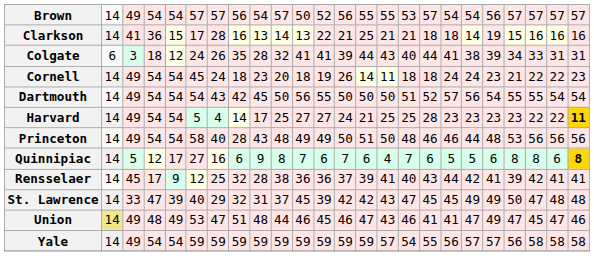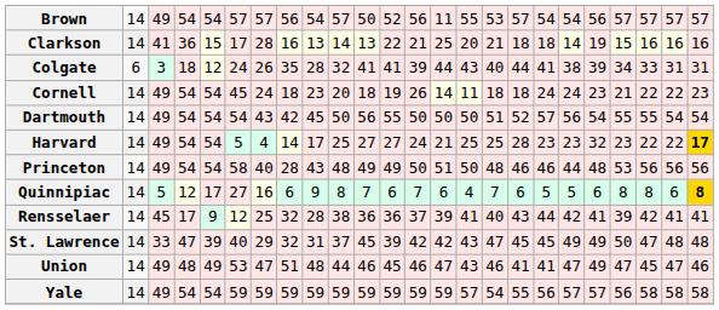 <table class="wikitable sortable" style="text-align: center;">
 <tr>
 </tr>
 <tr>
 <th>Brown</th>
 <td>14</td>
 <td bgcolor=FFE6E6>49</td>
 <td bgcolor=FFE6E6>54</td>
 <td bgcolor=FFE6E6>54</td>
 <td bgcolor=FFE6E6>57</td>
 <td bgcolor=FFE6E6>57</td>
 <td bgcolor=FFE6E6>56</td>
 <td bgcolor=FFE6E6>54</td>
 <td bgcolor=FFE6E6>57</td>
 <td bgcolor=FFE6E6>50</td>
 <td bgcolor=FFE6E6>52</td>
 <td bgcolor=FFE6E6>56</td>
-<td bgcolor=FFE6E6>55</td>
+<td bgcolor=FFE6E6>11</td>
 <td bgcolor=FFE6E6>55</td>
 <td bgcolor=FFE6E6>53</td>
 <td bgcolor=FFE6E6>57</td>
 <td bgcolor=FFE6E6>54</td>
 <td bgcolor=FFE6E6>54</td>
 <td bgcolor=FFE6E6>56</td>
 <td bgcolor=FFE6E6>57</td>
 <td bgcolor=FFE6E6>57</td>
 <td bgcolor=FFE6E6>57</td>
 <td bgcolor=FFE6E6>57</td>
 </tr>
 <tr bgcolor=f0f0f0>
 <th>Clarkson</th>
 <td>14</td>
 <td bgcolor=FFE6E6>41</td>
 <td bgcolor=FFE6E6>36</td>
 <td bgcolor=FFFFE6>15</td>
 <td bgcolor=FFE6E6>17</td>
 <td bgcolor=FFE6E6>28</td>
 <td bgcolor=FFFFE6>16</td>
 <td bgcolor=FFFFE6>13</td>
 <td bgcolor=FFFFE6>14</td>
 <td bgcolor=FFFFE6>13</td>
 <td bgcolor=FFE6E6>22</td>
 <td bgcolor=FFE6E6>21</td>
 <td bgcolor=FFE6E6>25</td>
-<td bgcolor=FFE6E6>21</td>
+<td bgcolor=FFE6E6>20</td>
 <td bgcolor=FFE6E6>21</td>
 <td bgcolor=FFE6E6>18</td>
 <td bgcolor=FFE6E6>18</td>
 <td bgcolor=FFFFE6>14</td>
 <td bgcolor=FFE6E6>19</td>
 <td bgcolor=FFFFE6>15</td>
 <td bgcolor=FFFFE6>16</td>
 <td bgcolor=FFFFE6>16</td>
 <td bgcolor=FFE6E6>16</td>
 </tr>
 <tr>
 <th>Colgate</th>
 <td>6</td>
 <td bgcolor=D8FFEB>3</td>
 <td bgcolor=FFE6E6>18</td>
 <td bgcolor=FFFFE6>12</td>
 <td bgcolor=FFE6E6>24</td>
 <td bgcolor=FFE6E6>26</td>
 <td bgcolor=FFE6E6>35</td>
 <td bgcolor=FFE6E6>28</td>
 <td bgcolor=FFE6E6>32</td>
 <td bgcolor=FFE6E6>41</td>
 <td bgcolor=FFE6E6>41</td>
 <td bgcolor=FFE6E6>39</td>
 <td bgcolor=FFE6E6>44</td>
 <td bgcolor=FFE6E6>43</td>
 <td bgcolor=FFE6E6>40</td>
 <td bgcolor=FFE6E6>44</td>
 <td bgcolor=FFE6E6>41</td>
 <td bgcolor=FFE6E6>38</td>
 <td bgcolor=FFE6E6>39</td>
 <td bgcolor=FFE6E6>34</td>
 <td bgcolor=FFE6E6>33</td>
 <td bgcolor=FFE6E6>31</td>
 <td bgcolor=FFE6E6>31</td>
 </tr>
 <tr bgcolor=f0f0f0>
 <th>Cornell</th>
 <td>14</td>
 <td bgcolor=FFE6E6>49</td>
 <td bgcolor=FFE6E6>54</td>
 <td bgcolor=FFE6E6>54</td>
 <td bgcolor=FFE6E6>45</td>
 <td bgcolor=FFE6E6>24</td>
 <td bgcolor=FFE6E6>18</td>
 <td bgcolor=FFE6E6>23</td>
 <td bgcolor=FFE6E6>20</td>
 <td bgcolor=FFE6E6>18</td>
 <td bgcolor=FFE6E6>19</td>
 <td bgcolor=FFE6E6>26</td>
 <td bgcolor=FFFFE6>14</td>
 <td bgcolor=FFFFE6>11</td>
 <td bgcolor=FFE6E6>18</td>
 <td bgcolor=FFE6E6>18</td>
 <td bgcolor=FFE6E6>24</td>
 <td bgcolor=FFE6E6>24</td>
 <td bgcolor=FFE6E6>23</td>
 <td bgcolor=FFE6E6>21</td>
 <td bgcolor=FFE6E6>22</td>
 <td bgcolor=FFE6E6>22</td>
 <td bgcolor=FFE6E6>23</td>
 </tr>
 <tr>
 <th>Dartmouth</th>
 <td>14</td>
 <td bgcolor=FFE6E6>49</td>
 <td bgcolor=FFE6E6>54</td>
 <td bgcolor=FFE6E6>54</td>
 <td bgcolor=FFE6E6>54</td>
 <td bgcolor=FFE6E6>43</td>
 <td bgcolor=FFE6E6>42</td>
 <td bgcolor=FFE6E6>45</td>
 <td bgcolor=FFE6E6>50</td>
 <td bgcolor=FFE6E6>56</td>
 <td bgcolor=FFE6E6>55</td>
 <td bgcolor=FFE6E6>50</td>
 <td bgcolor=FFE6E6>50</td>
 <td bgcolor=FFE6E6>50</td>
 <td bgcolor=FFE6E6>51</td>
 <td bgcolor=FFE6E6>52</td>
 <td bgcolor=FFE6E6>57</td>
 <td bgcolor=FFE6E6>56</td>
 <td bgcolor=FFE6E6>54</td>
 <td bgcolor=FFE6E6>55</td>
 <td bgcolor=FFE6E6>55</td>
 <td bgcolor=FFE6E6>54</td>
 <td bgcolor=FFE6E6>54</td>
 </tr>
 <tr bgcolor=f0f0f0>
 <th>Harvard</th>
 <td>14</td>
 <td bgcolor=FFE6E6>49</td>
 <td bgcolor=FFE6E6>54</td>
 <td bgcolor=FFE6E6>54</td>
 <td bgcolor=D8FFEB>5</td>
 <td bgcolor=D8FFEB>4</td>
 <td bgcolor=FFFFE6>14</td>
 <td bgcolor=FFE6E6>17</td>
 <td bgcolor=FFE6E6>25</td>
 <td bgcolor=FFE6E6>27</td>
 <td bgcolor=FFE6E6>27</td>
 <td bgcolor=FFE6E6>24</td>
 <td bgcolor=FFE6E6>21</td>
 <td bgcolor=FFE6E6>25</td>
 <td bgcolor=FFE6E6>25</td>
 <td bgcolor=FFE6E6>28</td>
 <td bgcolor=FFE6E6>23</td>
 <td bgcolor=FFE6E6>23</td>
-<td bgcolor=FFE6E6>23</td>
+<td bgcolor=FFE6E6>32</td>
 <td bgcolor=FFE6E6>23</td>
 <td bgcolor=FFE6E6>22</td>
 <td bgcolor=FFE6E6>22</td>
-<td bgcolor=gold><strong>11</strong></td>
+<td bgcolor=gold><strong>17</strong></td>
 </tr>
 <tr>
 <th>Princeton</th>
 <td>14</td>
 <td bgcolor=FFE6E6>49</td>
 <td bgcolor=FFE6E6>54</td>
 <td bgcolor=FFE6E6>54</td>
 <td bgcolor=FFE6E6>58</td>
 <td bgcolor=FFE6E6>40</td>
 <td bgcolor=FFE6E6>28</td>
 <td bgcolor=FFE6E6>43</td>
 <td bgcolor=FFE6E6>48</td>
 <td bgcolor=FFE6E6>49</td>
 <td bgcolor=FFE6E6>49</td>
 <td bgcolor=FFE6E6>50</td>
 <td bgcolor=FFE6E6>51</td>
 <td bgcolor=FFE6E6>50</td>
 <td bgcolor=FFE6E6>48</td>
 <td bgcolor=FFE6E6>46</td>
 <td bgcolor=FFE6E6>46</td>
 <td bgcolor=FFE6E6>44</td>
 <td bgcolor=FFE6E6>48</td>
 <td bgcolor=FFE6E6>53</td>
 <td bgcolor=FFE6E6>56</td>
 <td bgcolor=FFE6E6>56</td>
 <td bgcolor=FFE6E6>56</td>
 </tr>
 <tr bgcolor=f0f0f0>
 <th>Quinnipiac</th>
 <td>14</td>
 <td bgcolor=D8FFEB>5</td>
 <td bgcolor=FFFFE6>12</td>
 <td bgcolor=FFE6E6>17</td>
 <td bgcolor=FFE6E6>27</td>
 <td bgcolor=FFFFE6>16</td>
 <td bgcolor=D8FFEB>6</td>
 <td bgcolor=D8FFEB>9</td>
 <td bgcolor=D8FFEB>8</td>
 <td bgcolor=D8FFEB>7</td>
 <td bgcolor=D8FFEB>6</td>
 <td bgcolor=D8FFEB>7</td>
 <td bgcolor=D8FFEB>6</td>
 <td bgcolor=D8FFEB>4</td>
 <td bgcolor=D8FFEB>7</td>
 <td bgcolor=D8FFEB>6</td>
 <td bgcolor=D8FFEB>5</td>
 <td bgcolor=D8FFEB>5</td>
 <td bgcolor=D8FFEB>6</td>
 <td bgcolor=D8FFEB>8</td>
 <td bgcolor=D8FFEB>8</td>
 <td bgcolor=D8FFEB>6</td>
 <td bgcolor=gold><strong>8</strong></td>
 </tr>
 <tr>
 <th>Rensselaer</th>
 <td>14</td>
 <td bgcolor=FFE6E6>45</td>
 <td bgcolor=FFE6E6>17</td>
 <td bgcolor=D8FFEB>9</td>
 <td bgcolor=FFFFE6>12</td>
 <td bgcolor=FFE6E6>25</td>
 <td bgcolor=FFE6E6>32</td>
 <td bgcolor=FFE6E6>28</td>
 <td bgcolor=FFE6E6>38</td>
 <td bgcolor=FFE6E6>36</td>
 <td bgcolor=FFE6E6>36</td>
 <td bgcolor=FFE6E6>37</td>
 <td bgcolor=FFE6E6>39</td>
 <td bgcolor=FFE6E6>41</td>
 <td bgcolor=FFE6E6>40</td>
 <td bgcolor=FFE6E6>43</td>
 <td bgcolor=FFE6E6>44</td>
 <td bgcolor=FFE6E6>42</td>
 <td bgcolor=FFE6E6>41</td>
 <td bgcolor=FFE6E6>39</td>
 <td bgcolor=FFE6E6>42</td>
 <td bgcolor=FFE6E6>41</td>
 <td bgcolor=FFE6E6>41</td>
 </tr>
 <tr bgcolor=f0f0f0>
 <th>St. Lawrence</th>
 <td>14</td>
 <td bgcolor=FFE6E6>33</td>
 <td bgcolor=FFE6E6>47</td>
 <td bgcolor=FFE6E6>39</td>
 <td bgcolor=FFE6E6>40</td>
 <td bgcolor=FFE6E6>29</td>
 <td bgcolor=FFE6E6>32</td>
 <td bgcolor=FFE6E6>31</td>
 <td bgcolor=FFE6E6>37</td>
 <td bgcolor=FFE6E6>45</td>
 <td bgcolor=FFE6E6>39</td>
 <td bgcolor=FFE6E6>42</td>
 <td bgcolor=FFE6E6>42</td>
 <td bgcolor=FFE6E6>43</td>
 <td bgcolor=FFE6E6>47</td>
 <td bgcolor=FFE6E6>45</td>
 <td bgcolor=FFE6E6>45</td>
 <td bgcolor=FFE6E6>49</td>
 <td bgcolor=FFE6E6>49</td>
 <td bgcolor=FFE6E6>50</td>
 <td bgcolor=FFE6E6>47</td>
 <td bgcolor=FFE6E6>48</td>
 <td bgcolor=FFE6E6>48</td>
 </tr>
 <tr>
 <th>Union</th>
-<td style="background: khaki;">14</td>
+<td>14</td>
 <td bgcolor=FFE6E6>49</td>
 <td bgcolor=FFE6E6>48</td>
 <td bgcolor=FFE6E6>49</td>
 <td bgcolor=FFE6E6>53</td>
 <td bgcolor=FFE6E6>47</td>
 <td bgcolor=FFE6E6>51</td>
 <td bgcolor=FFE6E6>48</td>
 <td bgcolor=FFE6E6>44</td>
 <td bgcolor=FFE6E6>46</td>
 <td bgcolor=FFE6E6>45</td>
 <td bgcolor=FFE6E6>46</td>
 <td bgcolor=FFE6E6>47</td>
 <td bgcolor=FFE6E6>43</td>
 <td bgcolor=FFE6E6>46</td>
 <td bgcolor=FFE6E6>41</td>
 <td bgcolor=FFE6E6>41</td>
 <td bgcolor=FFE6E6>47</td>
 <td bgcolor=FFE6E6>49</td>
 <td bgcolor=FFE6E6>47</td>
 <td bgcolor=FFE6E6>45</td>
 <td bgcolor=FFE6E6>47</td>
 <td bgcolor=FFE6E6>46</td>
 </tr>
 <tr bgcolor=f0f0f0>
 <th>Yale</th>
 <td>14</td>
 <td bgcolor=FFE6E6>49</td>
 <td bgcolor=FFE6E6>54</td>
 <td bgcolor=FFE6E6>54</td>
 <td bgcolor=FFE6E6>59</td>
 <td bgcolor=FFE6E6>59</td>
 <td bgcolor=FFE6E6>59</td>
 <td bgcolor=FFE6E6>59</td>
 <td bgcolor=FFE6E6>59</td>
 <td bgcolor=FFE6E6>59</td>
 <td bgcolor=FFE6E6>59</td>
 <td bgcolor=FFE6E6>59</td>
 <td bgcolor=FFE6E6>59</td>
 <td bgcolor=FFE6E6>57</td>
 <td bgcolor=FFE6E6>54</td>
 <td bgcolor=FFE6E6>55</td>
 <td bgcolor=FFE6E6>56</td>
 <td bgcolor=FFE6E6>57</td>
 <td bgcolor=FFE6E6>57</td>
 <td bgcolor=FFE6E6>56</td>
 <td bgcolor=FFE6E6>58</td>
 <td bgcolor=FFE6E6>58</td>
 <td bgcolor=FFE6E6>58</td>
 </tr>
 <tr>
 </tr>
 </table>
